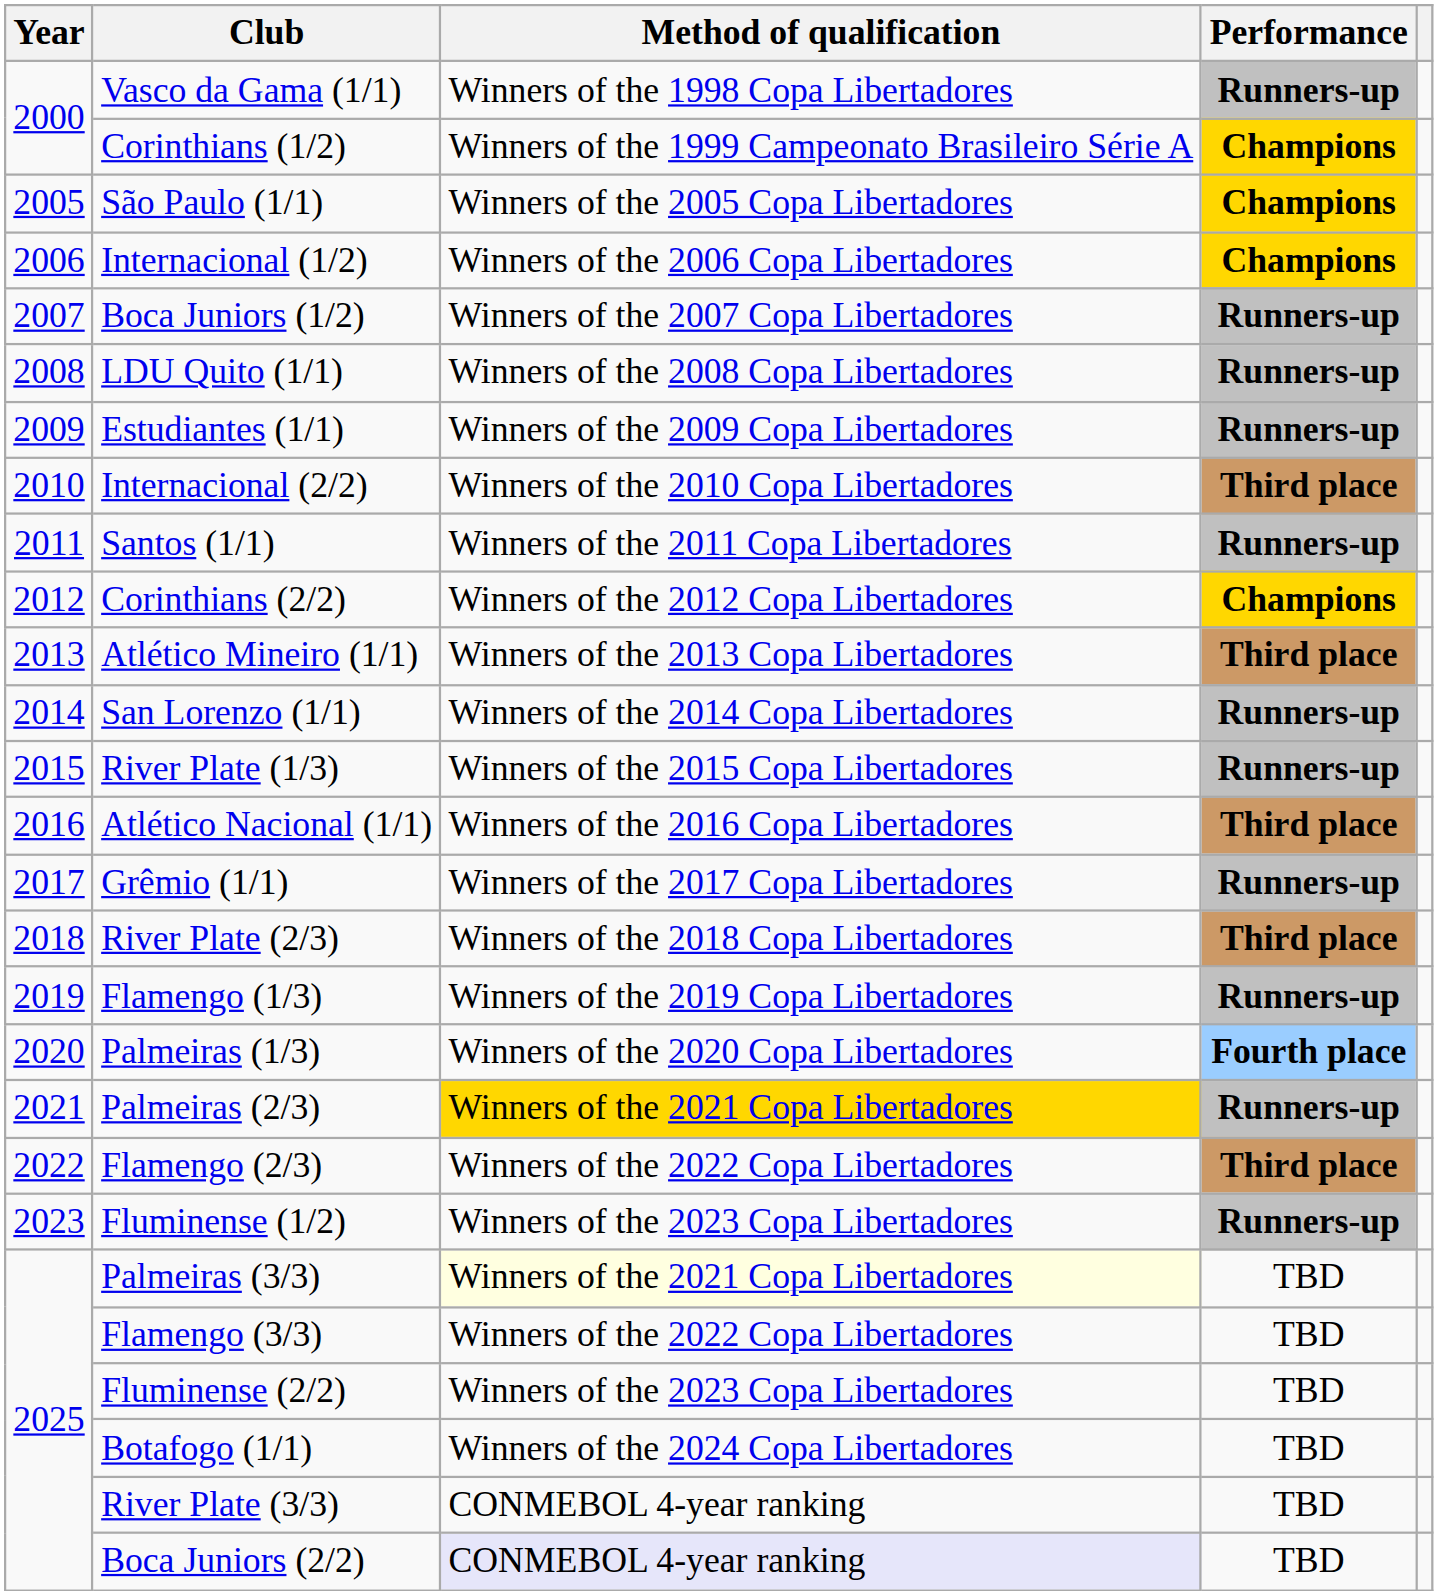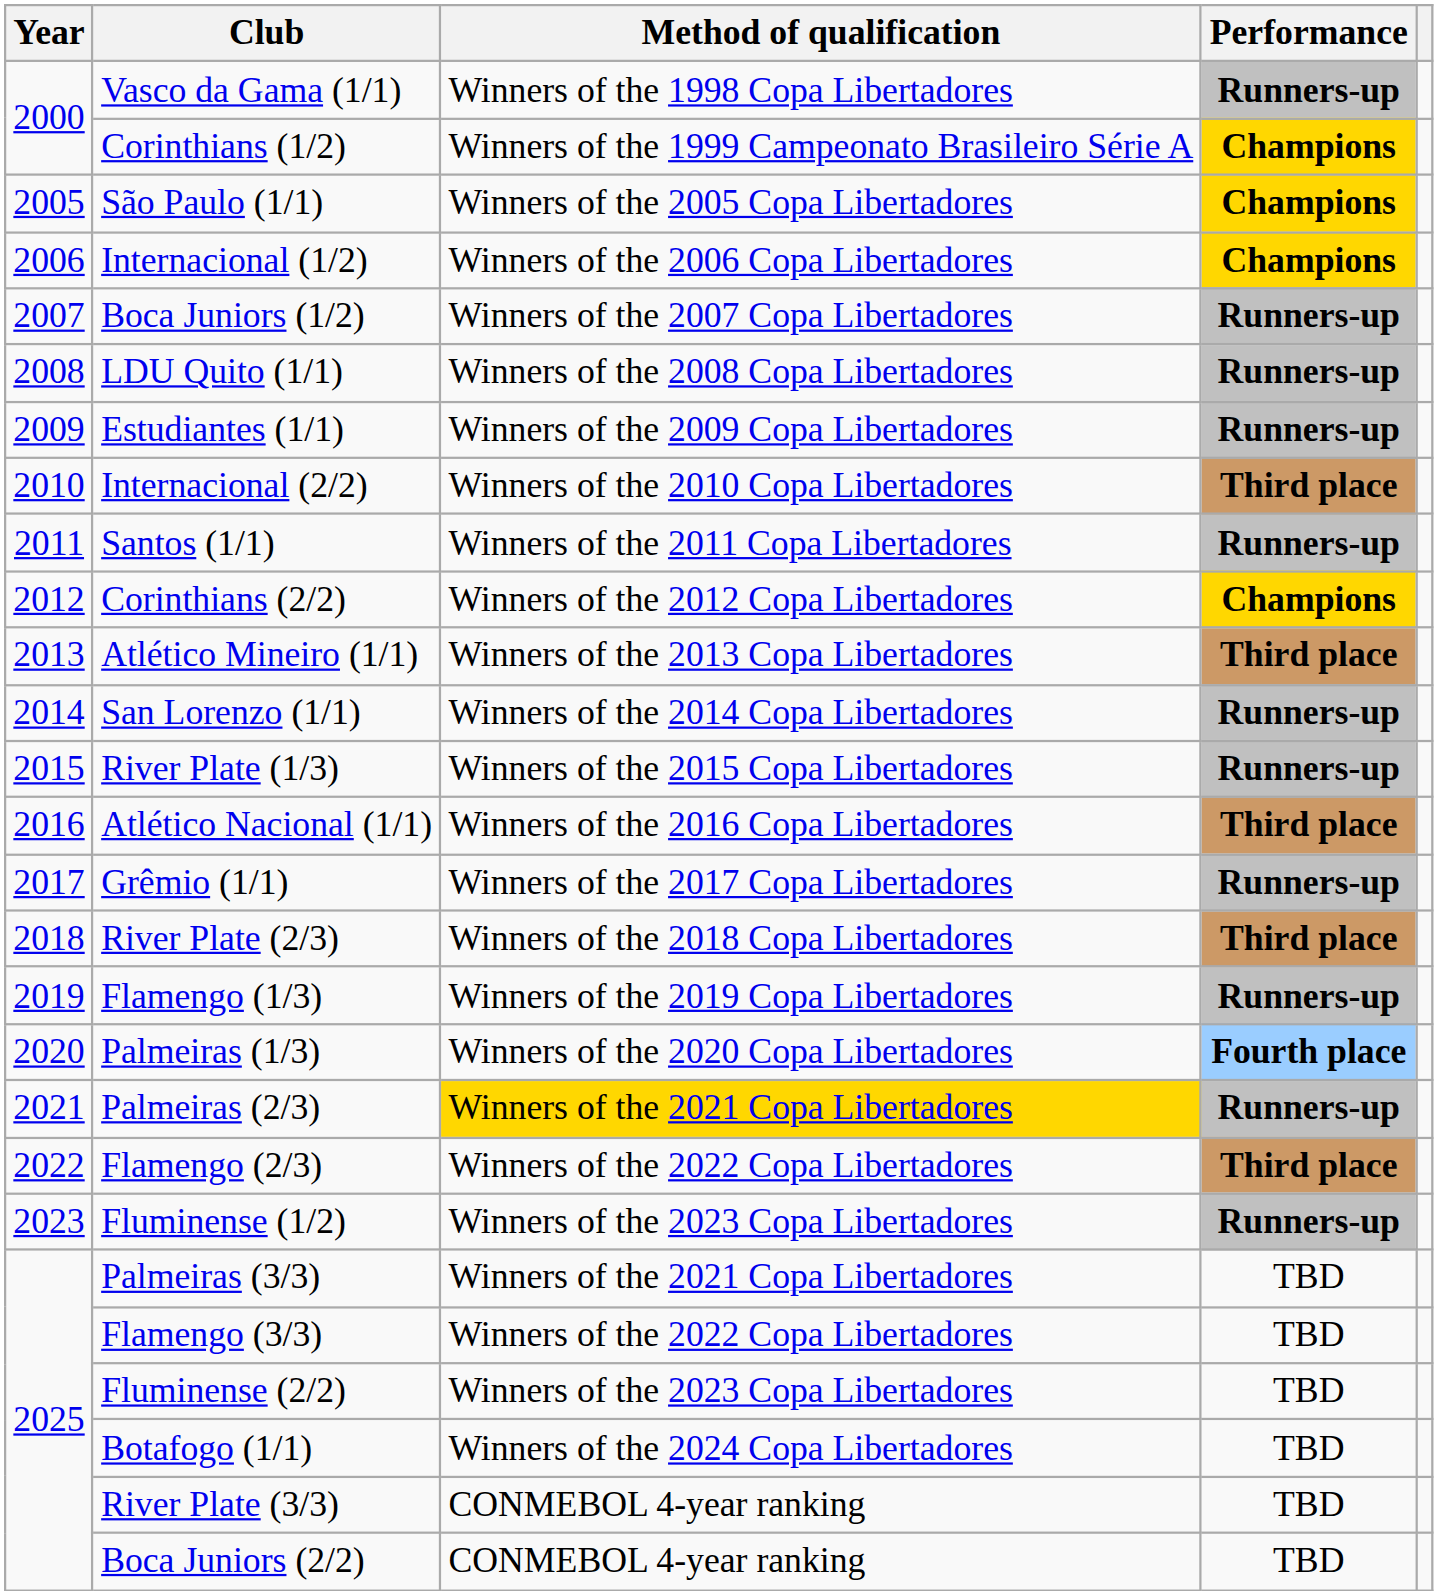 <table class="wikitable plainrowheaders sortable">
 <tr>
 <th scope="col">Year</th>
 <th scope="col">Club</th>
 <th scope="col">Method of qualification</th>
 <th scope="col">Performance</th>
 <th class="unsortable"></th>
 </tr>
 <tr align="center">
 <td scope="row" rowspan=2><a href='#'>2000</a></td>
 <td align="left"> <a href='#'>Vasco da Gama</a> (1/1)</td>
 <td align="left">Winners of the <a href='#'>1998 Copa Libertadores</a></td>
 <td bgcolor=Silver><strong>Runners-up</strong></td>
 <td></td>
 </tr>
 <tr align="center">
 <td align="left"> <a href='#'>Corinthians</a> (1/2)</td>
 <td align="left">Winners of the <a href='#'>1999 Campeonato Brasileiro Série A</a></td>
 <td bgcolor=Gold><strong>Champions</strong></td>
 <td></td>
 </tr>
 <tr align="center">
 <td scope="row"><a href='#'>2005</a></td>
 <td align="left"> <a href='#'>São Paulo</a> (1/1)</td>
 <td align="left">Winners of the <a href='#'>2005 Copa Libertadores</a></td>
 <td bgcolor=Gold><strong>Champions</strong></td>
 <td></td>
 </tr>
 <tr align="center">
 <td scope="row"><a href='#'>2006</a></td>
 <td align="left"> <a href='#'>Internacional</a> (1/2)</td>
 <td align="left">Winners of the <a href='#'>2006 Copa Libertadores</a></td>
 <td bgcolor=Gold><strong>Champions</strong></td>
 <td></td>
 </tr>
 <tr align="center">
 <td scope="row"><a href='#'>2007</a></td>
 <td align="left"> <a href='#'>Boca Juniors</a> (1/2)</td>
 <td align="left">Winners of the <a href='#'>2007 Copa Libertadores</a></td>
 <td bgcolor=Silver><strong>Runners-up</strong></td>
 <td></td>
 </tr>
 <tr align="center">
 <td scope="row"><a href='#'>2008</a></td>
 <td align="left"> <a href='#'>LDU Quito</a> (1/1)</td>
 <td align="left">Winners of the <a href='#'>2008 Copa Libertadores</a></td>
 <td bgcolor=Silver><strong>Runners-up</strong></td>
 <td></td>
 </tr>
 <tr align="center">
 <td scope="row"><a href='#'>2009</a></td>
 <td align="left"> <a href='#'>Estudiantes</a> (1/1)</td>
 <td align="left">Winners of the <a href='#'>2009 Copa Libertadores</a></td>
 <td bgcolor=Silver><strong>Runners-up</strong></td>
 <td></td>
 </tr>
 <tr align="center">
 <td scope="row"><a href='#'>2010</a></td>
 <td align="left"> <a href='#'>Internacional</a> (2/2)</td>
 <td align="left">Winners of the <a href='#'>2010 Copa Libertadores</a></td>
 <td bgcolor=cc9966><strong>Third place</strong></td>
 <td></td>
 </tr>
 <tr align="center">
 <td scope="row"><a href='#'>2011</a></td>
 <td align="left"> <a href='#'>Santos</a> (1/1)</td>
 <td align="left">Winners of the <a href='#'>2011 Copa Libertadores</a></td>
 <td bgcolor=Silver><strong>Runners-up</strong></td>
 <td></td>
 </tr>
 <tr align="center">
 <td scope="row"><a href='#'>2012</a></td>
 <td align="left"> <a href='#'>Corinthians</a> (2/2)</td>
 <td align="left">Winners of the <a href='#'>2012 Copa Libertadores</a></td>
 <td bgcolor=Gold><strong>Champions</strong></td>
 <td></td>
 </tr>
 <tr align="center">
 <td scope="row"><a href='#'>2013</a></td>
 <td align="left"> <a href='#'>Atlético Mineiro</a> (1/1)</td>
 <td align="left">Winners of the <a href='#'>2013 Copa Libertadores</a></td>
 <td bgcolor=cc9966><strong>Third place</strong></td>
 <td></td>
 </tr>
 <tr align="center">
 <td scope="row"><a href='#'>2014</a></td>
 <td align="left"> <a href='#'>San Lorenzo</a> (1/1)</td>
 <td align="left">Winners of the <a href='#'>2014 Copa Libertadores</a></td>
 <td bgcolor=Silver><strong>Runners-up</strong></td>
 <td></td>
 </tr>
 <tr align="center">
 <td scope="row"><a href='#'>2015</a></td>
 <td align="left"> <a href='#'>River Plate</a> (1/3)</td>
 <td align="left">Winners of the <a href='#'>2015 Copa Libertadores</a></td>
 <td bgcolor=Silver><strong>Runners-up</strong></td>
 <td></td>
 </tr>
 <tr align="center">
 <td scope="row"><a href='#'>2016</a></td>
 <td align="left"> <a href='#'>Atlético Nacional</a> (1/1)</td>
 <td align="left">Winners of the <a href='#'>2016 Copa Libertadores</a></td>
 <td bgcolor=cc9966><strong>Third place</strong></td>
 <td></td>
 </tr>
 <tr align="center">
 <td scope="row"><a href='#'>2017</a></td>
 <td align="left"> <a href='#'>Grêmio</a> (1/1)</td>
 <td align="left">Winners of the <a href='#'>2017 Copa Libertadores</a></td>
 <td bgcolor=Silver><strong>Runners-up</strong></td>
 <td></td>
 </tr>
 <tr align="center">
 <td scope="row"><a href='#'>2018</a></td>
 <td align="left"> <a href='#'>River Plate</a> (2/3)</td>
 <td align="left">Winners of the <a href='#'>2018 Copa Libertadores</a></td>
 <td bgcolor=cc9966><strong>Third place</strong></td>
 <td></td>
 </tr>
 <tr align="center">
 <td scope="row"><a href='#'>2019</a></td>
 <td align="left"> <a href='#'>Flamengo</a> (1/3)</td>
 <td align="left">Winners of the <a href='#'>2019 Copa Libertadores</a></td>
 <td bgcolor=Silver><strong>Runners-up</strong></td>
 <td></td>
 </tr>
 <tr align="center">
 <td scope="row"><a href='#'>2020</a></td>
 <td align="left"> <a href='#'>Palmeiras</a> (1/3)</td>
 <td align="left">Winners of the <a href='#'>2020 Copa Libertadores</a></td>
 <td bgcolor=9acdff><strong>Fourth place</strong></td>
 <td></td>
 </tr>
 <tr align="center">
 <td scope="row"><a href='#'>2021</a></td>
 <td align="left"> <a href='#'>Palmeiras</a> (2/3)</td>
 <td align="left" style="background: gold;">Winners of the <a href='#'>2021 Copa Libertadores</a></td>
 <td bgcolor=Silver><strong>Runners-up</strong></td>
 <td></td>
 </tr>
 <tr align="center">
 <td scope="row"><a href='#'>2022</a></td>
 <td align="left"> <a href='#'>Flamengo</a> (2/3)</td>
 <td align="left">Winners of the <a href='#'>2022 Copa Libertadores</a></td>
 <td bgcolor=cc9966><strong>Third place</strong></td>
 <td></td>
 </tr>
 <tr align="center">
 <td scope="row"><a href='#'>2023</a></td>
 <td align="left"> <a href='#'>Fluminense</a> (1/2)</td>
 <td align="left">Winners of the <a href='#'>2023 Copa Libertadores</a></td>
 <td bgcolor=Silver><strong>Runners-up</strong></td>
 <td></td>
 </tr>
 <tr align="center">
 <td scope="row" rowspan=6><a href='#'>2025</a></td>
 <td align="left"> <a href='#'>Palmeiras</a> (3/3)</td>
-<td align="left" style="background: lightyellow;">Winners of the <a href='#'>2021 Copa Libertadores</a></td>
+<td align="left">Winners of the <a href='#'>2021 Copa Libertadores</a></td>
 <td>TBD</td>
 <td></td>
 </tr>
 <tr align="center">
 <td align="left"> <a href='#'>Flamengo</a> (3/3)</td>
 <td align="left">Winners of the <a href='#'>2022 Copa Libertadores</a></td>
 <td>TBD</td>
 <td></td>
 </tr>
 <tr align="center">
 <td align="left"> <a href='#'>Fluminense</a> (2/2)</td>
 <td align="left">Winners of the <a href='#'>2023 Copa Libertadores</a></td>
 <td>TBD</td>
 <td></td>
 </tr>
 <tr align="center">
 <td align="left"> <a href='#'>Botafogo</a> (1/1)</td>
 <td align="left">Winners of the <a href='#'>2024 Copa Libertadores</a></td>
 <td>TBD</td>
 <td></td>
 </tr>
 <tr align="center">
 <td align="left"> <a href='#'>River Plate</a> (3/3)</td>
 <td align="left">CONMEBOL 4-year ranking</td>
 <td>TBD</td>
 <td></td>
 </tr>
 <tr align="center">
 <td align="left"> <a href='#'>Boca Juniors</a> (2/2)</td>
-<td align="left" style="background: lavender;">CONMEBOL 4-year ranking</td>
+<td align="left">CONMEBOL 4-year ranking</td>
 <td>TBD</td>
 <td></td>
 </tr>
 </table>
